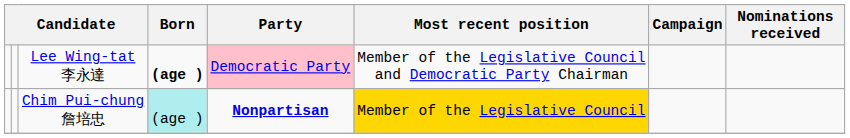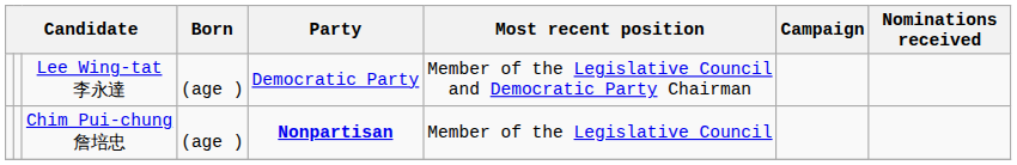 <table class="wikitable sortable" style="text-align:center;">
 <tr>
 <th colspan=3>Candidate</th>
 <th>Born</th>
 <th>Party</th>
 <th>Most recent position</th>
 <th>Campaign</th>
 <th width=100px>Nominations<br>received</th>
 </tr>
 <tr>
 <td bgcolor=></td>
 <td></td>
 <td><a href='#'>Lee Wing-tat</a><br>李永達</td>
-<td><strong><br>(age )</strong></td>
-<td style="background: pink;"><a href='#'>Democratic Party</a><br></td>
+<td><br>(age )</td>
+<td><a href='#'>Democratic Party</a><br></td>
 <td>Member of the <a href='#'>Legislative Council</a><br>and <a href='#'>Democratic Party</a> Chairman<br></td>
 <td></td>
 <td></td>
 </tr>
 <tr>
 <td bgcolor=></td>
 <td></td>
 <td><a href='#'>Chim Pui-chung</a><br>詹培忠</td>
-<td style="background: paleturquoise;"><br>(age )</td>
+<td><br>(age )</td>
 <td><strong><a href='#'>Nonpartisan</a><br></strong></td>
-<td style="background: gold;">Member of the <a href='#'>Legislative Council</a><br></td>
+<td>Member of the <a href='#'>Legislative Council</a><br></td>
 <td></td>
 <td></td>
 </tr>
 <tr>
 </tr>
 </table>
